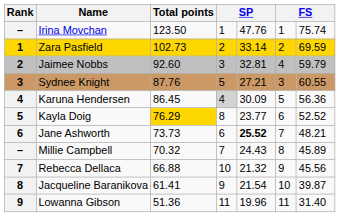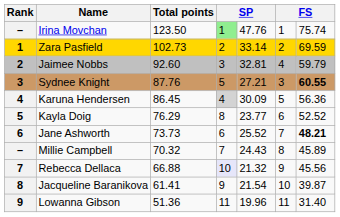 <table class="wikitable sortable">
 <tr>
 <th>Rank</th>
 <th>Name</th>
 <th>Total points</th>
 <th colspan="2" width="80px"><a href='#'>SP</a></th>
 <th colspan="2" width="80px"><a href='#'>FS</a></th>
 </tr>
 <tr>
 <th>–</th>
 <td> <a href='#'>Irina Movchan</a></td>
 <td>123.50</td>
-<td>1</td>
+<td style="background: lightgreen;">1</td>
 <td>47.76</td>
 <td>1</td>
 <td>75.74</td>
 </tr>
 <tr bgcolor="gold">
 <td align="center"><strong>1</strong></td>
 <td>Zara Pasfield</td>
 <td>102.73</td>
 <td>2</td>
 <td>33.14</td>
 <td>2</td>
 <td>69.59</td>
 </tr>
 <tr bgcolor="silver">
 <td align="center"><strong>2</strong></td>
 <td>Jaimee Nobbs</td>
 <td>92.60</td>
 <td>3</td>
 <td>32.81</td>
 <td>4</td>
 <td>59.79</td>
 </tr>
 <tr bgcolor="cc9966">
 <td align="center"><strong>3</strong></td>
 <td>Sydnee Knight</td>
 <td>87.76</td>
 <td>5</td>
 <td>27.21</td>
 <td>3</td>
-<td>60.55</td>
+<td><strong>60.55</strong></td>
 </tr>
 <tr>
 <th>4</th>
 <td>Karuna Hendersen</td>
 <td>86.45</td>
 <td style="background: lightgrey;">4</td>
 <td>30.09</td>
 <td>5</td>
 <td>56.36</td>
 </tr>
 <tr>
 <th>5</th>
 <td>Kayla Doig</td>
-<td style="background: gold;">76.29</td>
+<td>76.29</td>
 <td>8</td>
 <td>23.77</td>
 <td>6</td>
 <td>52.52</td>
 </tr>
 <tr>
 <th>6</th>
 <td>Jane Ashworth</td>
 <td>73.73</td>
 <td>6</td>
-<td><strong>25.52</strong></td>
+<td>25.52</td>
 <td>7</td>
-<td>48.21</td>
+<td><strong>48.21</strong></td>
 </tr>
 <tr>
 <th>–</th>
 <td> Millie Campbell</td>
 <td>70.32</td>
 <td>7</td>
 <td>24.43</td>
 <td>8</td>
 <td>45.89</td>
 </tr>
 <tr>
 <th>7</th>
 <td>Rebecca Dellaca</td>
 <td>66.88</td>
-<td>10</td>
+<td style="background: lavender;">10</td>
 <td>21.32</td>
 <td>9</td>
 <td>45.56</td>
 </tr>
 <tr>
 <th>8</th>
 <td>Jacqueline Baranikova</td>
 <td>61.41</td>
 <td>9</td>
 <td>21.54</td>
 <td>10</td>
 <td>39.87</td>
 </tr>
 <tr>
 <th>9</th>
 <td>Lowanna Gibson</td>
 <td>51.36</td>
 <td>11</td>
 <td>19.96</td>
 <td>11</td>
 <td>31.40</td>
 </tr>
 </table>
